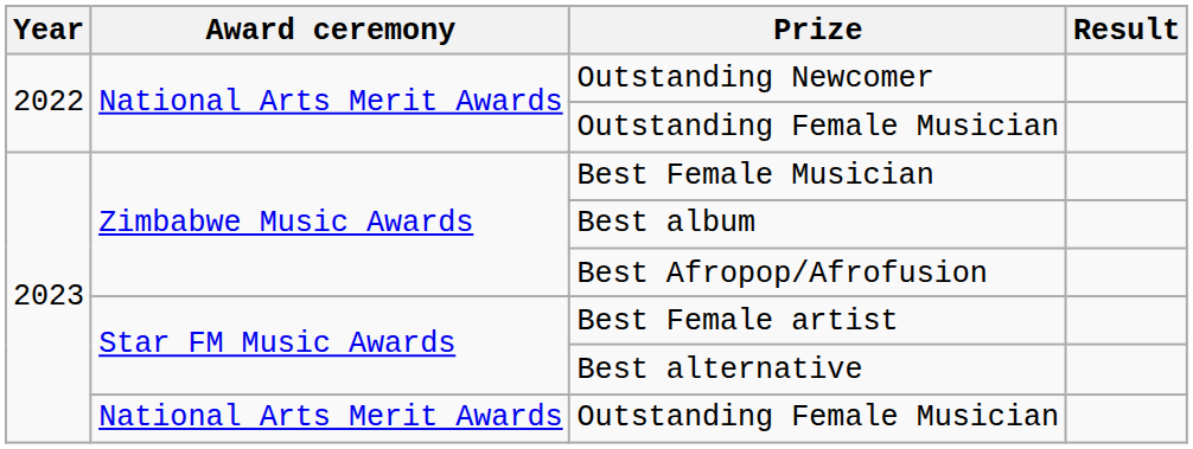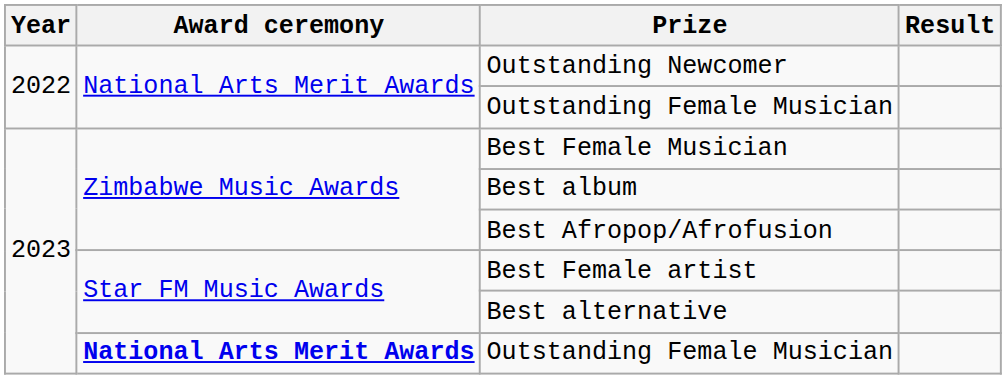 <table class ="wikitable">
 <tr>
 <th>Year</th>
 <th>Award ceremony</th>
 <th>Prize</th>
 <th>Result</th>
 </tr>
 <tr>
 <td rowspan="2">2022</td>
 <td rowspan="2"><a href='#'>National Arts Merit Awards</a></td>
 <td>Outstanding Newcomer</td>
 <td></td>
 </tr>
 <tr>
 <td>Outstanding Female Musician</td>
 <td></td>
 </tr>
 <tr>
 <td rowspan="6">2023</td>
 <td rowspan="3"><a href='#'>Zimbabwe Music Awards</a></td>
 <td>Best Female Musician</td>
 <td></td>
 </tr>
 <tr>
 <td>Best album</td>
 <td></td>
 </tr>
 <tr>
 <td>Best Afropop/Afrofusion</td>
 <td></td>
 </tr>
 <tr>
 <td rowspan="2"><a href='#'>Star FM Music Awards</a></td>
 <td>Best Female artist</td>
 <td></td>
 </tr>
 <tr>
 <td>Best alternative</td>
 <td></td>
 </tr>
 <tr>
-<td><a href='#'>National Arts Merit Awards</a></td>
+<td><strong><a href='#'>National Arts Merit Awards</a></strong></td>
 <td>Outstanding Female Musician</td>
 <td></td>
 </tr>
 </table>
